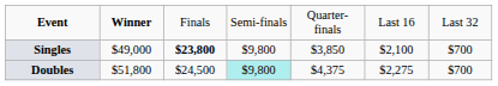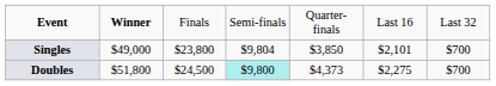 <table class=wikitable style="font-size:90%;text-align:center">
 <tr>
 <td style="width:104px;"><strong>Event</strong></td>
 <td style="width:68px;"><strong>Winner</strong></td>
 <td style="width:68px;">Finals</td>
 <td style="width:68px;">Semi-finals</td>
 <td style="width:80px;">Quarter-finals</td>
 <td style="width:68px;">Last 16</td>
 <td style="width:68px;">Last 32</td>
 </tr>
 <tr>
 <td style="background:#dfe2e9;"><strong>Singles</strong></td>
 <td>$49,000</td>
-<td><strong>$23,800</strong></td>
-<td>$9,800</td>
+<td>$23,800</td>
+<td>$9,804</td>
 <td>$3,850</td>
-<td>$2,100</td>
+<td>$2,101</td>
 <td>$700</td>
 </tr>
 <tr>
 <td style="background:#dfe2e9;"><strong>Doubles</strong></td>
 <td>$51,800</td>
 <td>$24,500</td>
 <td style="background: paleturquoise;">$9,800</td>
-<td>$4,375</td>
+<td>$4,373</td>
 <td>$2,275</td>
 <td>$700</td>
 </tr>
 </table>
